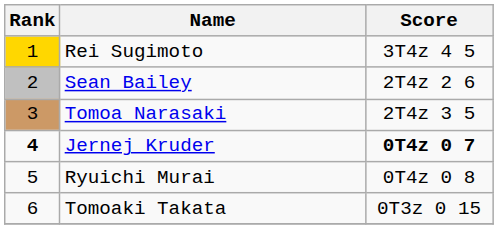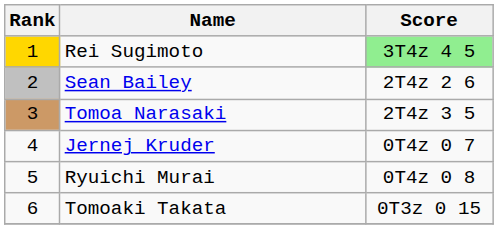 <table class="wikitable">
 <tr>
 <th>Rank</th>
 <th width = "200">Name</th>
 <th width = "80">Score</th>
 </tr>
 <tr>
 <td align="center" style="background: gold">1</td>
 <td> Rei Sugimoto</td>
-<td align="center">3T4z 4 5</td>
+<td align="center" style="background: lightgreen;">3T4z 4 5</td>
 </tr>
 <tr>
 <td align="center" style="background: silver">2</td>
 <td> <a href='#'>Sean Bailey</a></td>
 <td align="center">2T4z 2 6</td>
 </tr>
 <tr>
 <td align="center" style="background: #cc9966">3</td>
 <td> <a href='#'>Tomoa Narasaki</a></td>
 <td align="center">2T4z 3 5</td>
 </tr>
 <tr>
-<td align="center"><strong>4</strong></td>
+<td align="center">4</td>
 <td> <a href='#'>Jernej Kruder</a></td>
-<td align="center"><strong>0T4z 0 7</strong></td>
+<td align="center">0T4z 0 7</td>
 </tr>
 <tr>
 <td align="center">5</td>
 <td> Ryuichi Murai</td>
 <td align="center">0T4z 0 8</td>
 </tr>
 <tr>
 <td align="center">6</td>
 <td> Tomoaki Takata</td>
 <td align="center">0T3z 0 15</td>
 </tr>
 <tr>
 </tr>
 </table>
